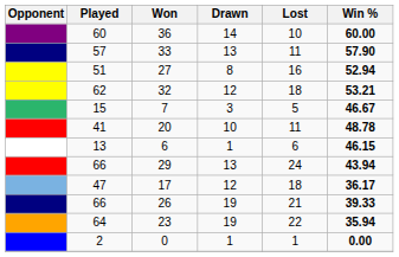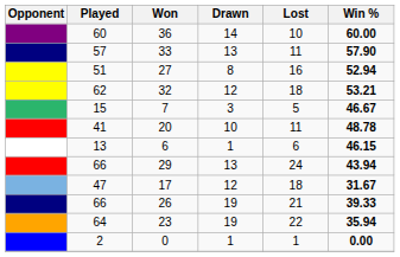 <table class="wikitable sortable" style="text-align:center;">
 <tr>
 <th>Opponent</th>
 <th style="width:5em">Played</th>
 <th style="width:5em">Won</th>
 <th style="width:5em">Drawn</th>
 <th style="width:5em">Lost</th>
 <th style="width:5em">Win %</th>
 </tr>
 <tr>
 <td style="background:purple"></td>
 <td>60</td>
 <td>36</td>
 <td>14</td>
 <td>10</td>
 <td><strong>60.00</strong></td>
 </tr>
 <tr>
 <td style="background:navy"></td>
 <td>57</td>
 <td>33</td>
 <td>13</td>
 <td>11</td>
 <td><strong>57.90</strong></td>
 </tr>
 <tr>
 <td style="background:yellow"></td>
 <td>51</td>
 <td>27</td>
 <td>8</td>
 <td>16</td>
 <td><strong>52.94</strong></td>
 </tr>
 <tr>
 <td style="background:yellow"></td>
 <td>62</td>
 <td>32</td>
 <td>12</td>
 <td>18</td>
 <td><strong>53.21</strong></td>
 </tr>
 <tr>
 <td style="background:#2bb56c"></td>
 <td>15</td>
 <td>7</td>
 <td>3</td>
 <td>5</td>
 <td><strong>46.67</strong></td>
 </tr>
 <tr>
 <td style="background:red"></td>
 <td>41</td>
 <td>20</td>
 <td>10</td>
 <td>11</td>
 <td><strong>48.78</strong></td>
 </tr>
 <tr>
 <td style="background:white"></td>
 <td>13</td>
 <td>6</td>
 <td>1</td>
 <td>6</td>
 <td><strong>46.15</strong></td>
 </tr>
 <tr>
 <td style="background:red"></td>
 <td>66</td>
 <td>29</td>
 <td>13</td>
 <td>24</td>
 <td><strong>43.94</strong></td>
 </tr>
 <tr>
 <td style="background:#7ab2e1"></td>
 <td>47</td>
 <td>17</td>
 <td>12</td>
 <td>18</td>
-<td><strong>36.17</strong></td>
+<td><strong>31.67</strong></td>
 </tr>
 <tr>
 <td style="background:navy"></td>
 <td>66</td>
 <td>26</td>
 <td>19</td>
 <td>21</td>
 <td><strong>39.33</strong></td>
 </tr>
 <tr>
 <td style="background:orange"></td>
 <td>64</td>
 <td>23</td>
 <td>19</td>
 <td>22</td>
 <td><strong>35.94</strong></td>
 </tr>
 <tr>
 <td style="background:blue"></td>
 <td>2</td>
 <td>0</td>
 <td>1</td>
 <td>1</td>
 <td><strong>0.00</strong></td>
 </tr>
 <tr class="sortbottom">
 </tr>
 </table>
